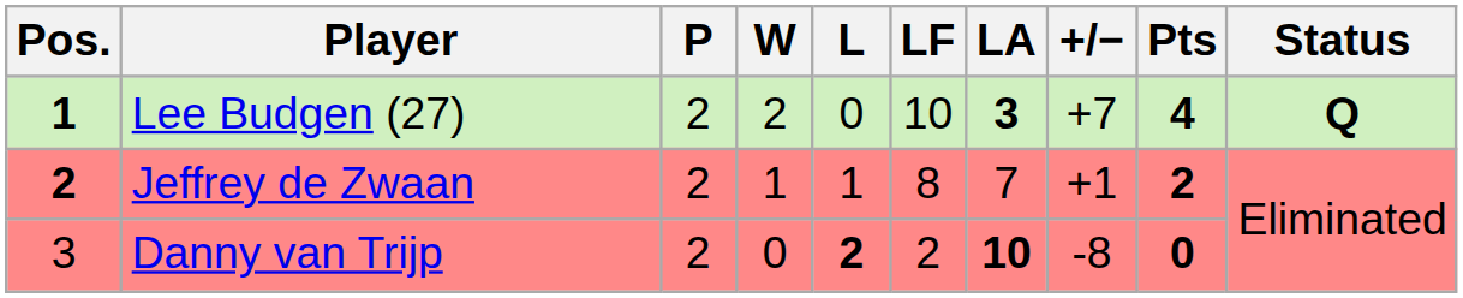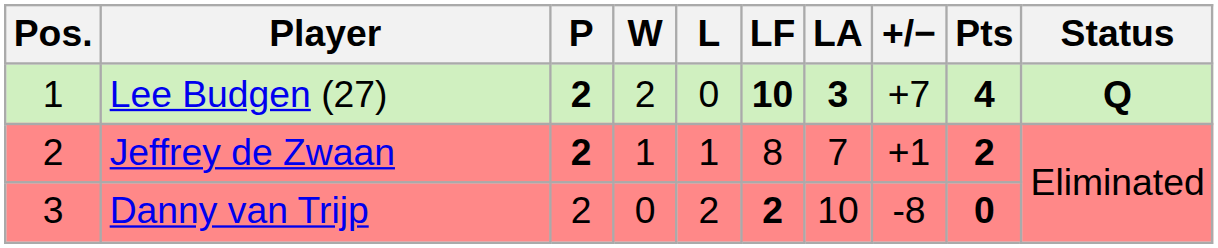 <table class="wikitable" style="text-align:center; margin: 1em auto 1em auto, align:left">
 <tr>
 <th width=20>Pos.</th>
 <th width=185>Player</th>
 <th width=20>P</th>
 <th width=20>W</th>
 <th width=20>L</th>
 <th width=20>LF</th>
 <th width=20>LA</th>
 <th width=25>+/−</th>
 <th width=20>Pts</th>
 <th width=70>Status</th>
 </tr>
 <tr style="background:#D0F0C0;">
-<td><strong>1</strong></td>
+<td>1</td>
 <td align=left> <a href='#'>Lee Budgen</a> (27)</td>
-<td>2</td>
+<td><strong>2</strong></td>
 <td>2</td>
 <td>0</td>
-<td>10</td>
+<td><strong>10</strong></td>
 <td><strong>3</strong></td>
 <td>+7</td>
 <td><strong>4</strong></td>
 <td rowspan=1><strong>Q</strong></td>
 </tr>
 <tr style="background:#FF8888;">
+<td>2</td>
+<td align=left> <a href='#'>Jeffrey de Zwaan</a></td>
 <td><strong>2</strong></td>
-<td align=left> <a href='#'>Jeffrey de Zwaan</a></td>
-<td>2</td>
 <td>1</td>
 <td>1</td>
 <td>8</td>
 <td>7</td>
 <td>+1</td>
 <td><strong>2</strong></td>
 <td rowspan=2>Eliminated</td>
 </tr>
 <tr style="background:#FF8888;">
 <td>3</td>
 <td align=left> <a href='#'>Danny van Trijp</a></td>
 <td>2</td>
 <td>0</td>
+<td>2</td>
 <td><strong>2</strong></td>
-<td>2</td>
-<td><strong>10</strong></td>
+<td>10</td>
 <td>-8</td>
 <td><strong>0</strong></td>
 </tr>
 </table>
